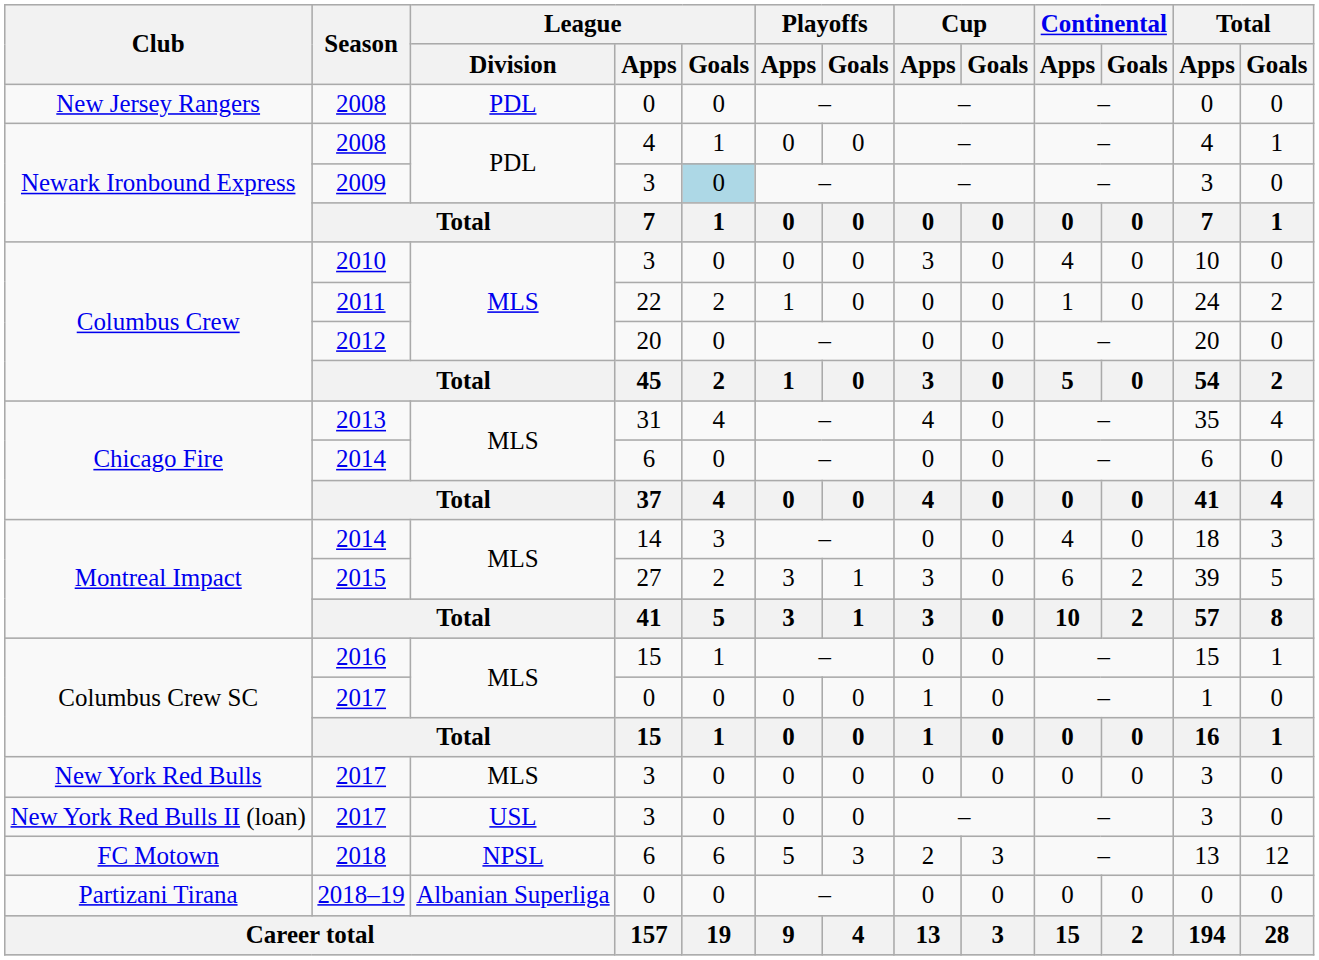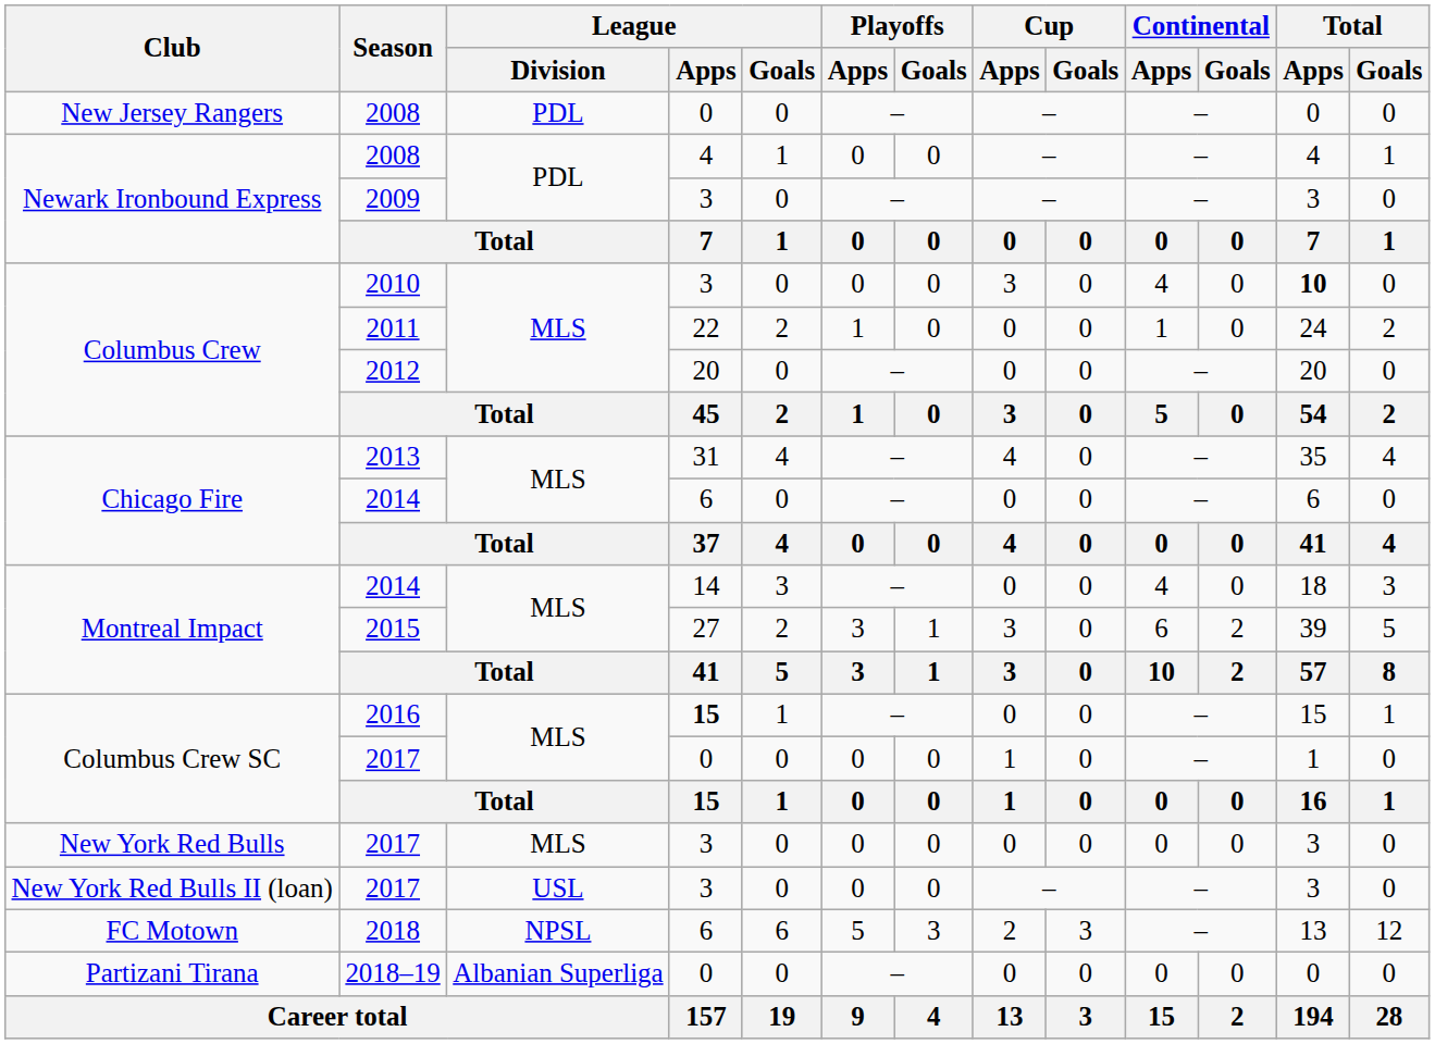 <table class="wikitable" style="text-align: center;">
 <tr>
 <th rowspan=2>Club</th>
 <th rowspan=2>Season</th>
 <th colspan=3>League</th>
 <th colspan=2>Playoffs</th>
 <th colspan=2>Cup</th>
 <th colspan=2><a href='#'>Continental</a></th>
 <th colspan=2>Total</th>
 </tr>
 <tr>
 <th>Division</th>
 <th>Apps</th>
 <th>Goals</th>
 <th>Apps</th>
 <th>Goals</th>
 <th>Apps</th>
 <th>Goals</th>
 <th>Apps</th>
 <th>Goals</th>
 <th>Apps</th>
 <th>Goals</th>
 </tr>
 <tr>
 <td><a href='#'>New Jersey Rangers</a></td>
 <td><a href='#'>2008</a></td>
 <td><a href='#'>PDL</a></td>
 <td>0</td>
 <td>0</td>
 <td colspan=2>–</td>
 <td colspan=2>–</td>
 <td colspan=2>–</td>
 <td>0</td>
 <td>0</td>
 </tr>
 <tr>
 <td rowspan=3><a href='#'>Newark Ironbound Express</a></td>
 <td><a href='#'>2008</a></td>
 <td rowspan=2>PDL</td>
 <td>4</td>
 <td>1</td>
 <td>0</td>
 <td>0</td>
 <td colspan=2>–</td>
 <td colspan=2>–</td>
 <td>4</td>
 <td>1</td>
 </tr>
 <tr>
 <td><a href='#'>2009</a></td>
 <td>3</td>
-<td style="background: lightblue;">0</td>
+<td>0</td>
 <td colspan=2>–</td>
 <td colspan=2>–</td>
 <td colspan=2>–</td>
 <td>3</td>
 <td>0</td>
 </tr>
 <tr>
 <th colspan=2>Total</th>
 <th>7</th>
 <th>1</th>
 <th>0</th>
 <th>0</th>
 <th>0</th>
 <th>0</th>
 <th>0</th>
 <th>0</th>
 <th>7</th>
 <th>1</th>
 </tr>
 <tr>
 <td rowspan=4><a href='#'>Columbus Crew</a></td>
 <td><a href='#'>2010</a></td>
 <td rowspan=3><a href='#'>MLS</a></td>
 <td>3</td>
 <td>0</td>
 <td>0</td>
 <td>0</td>
 <td>3</td>
 <td>0</td>
 <td>4</td>
 <td>0</td>
-<td>10</td>
+<td><strong>10</strong></td>
 <td>0</td>
 </tr>
 <tr>
 <td><a href='#'>2011</a></td>
 <td>22</td>
 <td>2</td>
 <td>1</td>
 <td>0</td>
 <td>0</td>
 <td>0</td>
 <td>1</td>
 <td>0</td>
 <td>24</td>
 <td>2</td>
 </tr>
 <tr>
 <td><a href='#'>2012</a></td>
 <td>20</td>
 <td>0</td>
 <td colspan=2>–</td>
 <td>0</td>
 <td>0</td>
 <td colspan=2>–</td>
 <td>20</td>
 <td>0</td>
 </tr>
 <tr>
 <th colspan=2>Total</th>
 <th>45</th>
 <th>2</th>
 <th>1</th>
 <th>0</th>
 <th>3</th>
 <th>0</th>
 <th>5</th>
 <th>0</th>
 <th>54</th>
 <th>2</th>
 </tr>
 <tr>
 <td rowspan=3><a href='#'>Chicago Fire</a></td>
 <td><a href='#'>2013</a></td>
 <td rowspan=2>MLS</td>
 <td>31</td>
 <td>4</td>
 <td colspan=2>–</td>
 <td>4</td>
 <td>0</td>
 <td colspan=2>–</td>
 <td>35</td>
 <td>4</td>
 </tr>
 <tr>
 <td><a href='#'>2014</a></td>
 <td>6</td>
 <td>0</td>
 <td colspan=2>–</td>
 <td>0</td>
 <td>0</td>
 <td colspan=2>–</td>
 <td>6</td>
 <td>0</td>
 </tr>
 <tr>
 <th colspan=2>Total</th>
 <th>37</th>
 <th>4</th>
 <th>0</th>
 <th>0</th>
 <th>4</th>
 <th>0</th>
 <th>0</th>
 <th>0</th>
 <th>41</th>
 <th>4</th>
 </tr>
 <tr>
 <td rowspan=3><a href='#'>Montreal Impact</a></td>
 <td><a href='#'>2014</a></td>
 <td rowspan=2>MLS</td>
 <td>14</td>
 <td>3</td>
 <td colspan=2>–</td>
 <td>0</td>
 <td>0</td>
 <td>4</td>
 <td>0</td>
 <td>18</td>
 <td>3</td>
 </tr>
 <tr>
 <td><a href='#'>2015</a></td>
 <td>27</td>
 <td>2</td>
 <td>3</td>
 <td>1</td>
 <td>3</td>
 <td>0</td>
 <td>6</td>
 <td>2</td>
 <td>39</td>
 <td>5</td>
 </tr>
 <tr>
 <th colspan=2>Total</th>
 <th>41</th>
 <th>5</th>
 <th>3</th>
 <th>1</th>
 <th>3</th>
 <th>0</th>
 <th>10</th>
 <th>2</th>
 <th>57</th>
 <th>8</th>
 </tr>
 <tr>
 <td rowspan=3>Columbus Crew SC</td>
 <td><a href='#'>2016</a></td>
 <td rowspan=2>MLS</td>
-<td>15</td>
+<td><strong>15</strong></td>
 <td>1</td>
 <td colspan=2>–</td>
 <td>0</td>
 <td>0</td>
 <td colspan=2>–</td>
 <td>15</td>
 <td>1</td>
 </tr>
 <tr>
 <td><a href='#'>2017</a></td>
 <td>0</td>
 <td>0</td>
 <td>0</td>
 <td>0</td>
 <td>1</td>
 <td>0</td>
 <td colspan=2>–</td>
 <td>1</td>
 <td>0</td>
 </tr>
 <tr>
 <th colspan=2>Total</th>
 <th>15</th>
 <th>1</th>
 <th>0</th>
 <th>0</th>
 <th>1</th>
 <th>0</th>
 <th>0</th>
 <th>0</th>
 <th>16</th>
 <th>1</th>
 </tr>
 <tr>
 <td><a href='#'>New York Red Bulls</a></td>
 <td><a href='#'>2017</a></td>
 <td>MLS</td>
 <td>3</td>
 <td>0</td>
 <td>0</td>
 <td>0</td>
 <td>0</td>
 <td>0</td>
 <td>0</td>
 <td>0</td>
 <td>3</td>
 <td>0</td>
 </tr>
 <tr>
 <td><a href='#'>New York Red Bulls II</a> (loan)</td>
 <td><a href='#'>2017</a></td>
 <td><a href='#'>USL</a></td>
 <td>3</td>
 <td>0</td>
 <td>0</td>
 <td>0</td>
 <td colspan=2>–</td>
 <td colspan=2>–</td>
 <td>3</td>
 <td>0</td>
 </tr>
 <tr>
 <td><a href='#'>FC Motown</a></td>
 <td><a href='#'>2018</a></td>
 <td><a href='#'>NPSL</a></td>
 <td>6</td>
 <td>6</td>
 <td>5</td>
 <td>3</td>
 <td>2</td>
 <td>3</td>
 <td colspan=2>–</td>
 <td>13</td>
 <td>12</td>
 </tr>
 <tr>
 <td><a href='#'>Partizani Tirana</a></td>
 <td><a href='#'>2018–19</a></td>
 <td><a href='#'>Albanian Superliga</a></td>
 <td>0</td>
 <td>0</td>
 <td colspan=2>–</td>
 <td>0</td>
 <td>0</td>
 <td>0</td>
 <td>0</td>
 <td>0</td>
 <td>0</td>
 </tr>
 <tr>
 <th colspan=3>Career total</th>
 <th>157</th>
 <th>19</th>
 <th>9</th>
 <th>4</th>
 <th>13</th>
 <th>3</th>
 <th>15</th>
 <th>2</th>
 <th>194</th>
 <th>28</th>
 </tr>
 </table>
